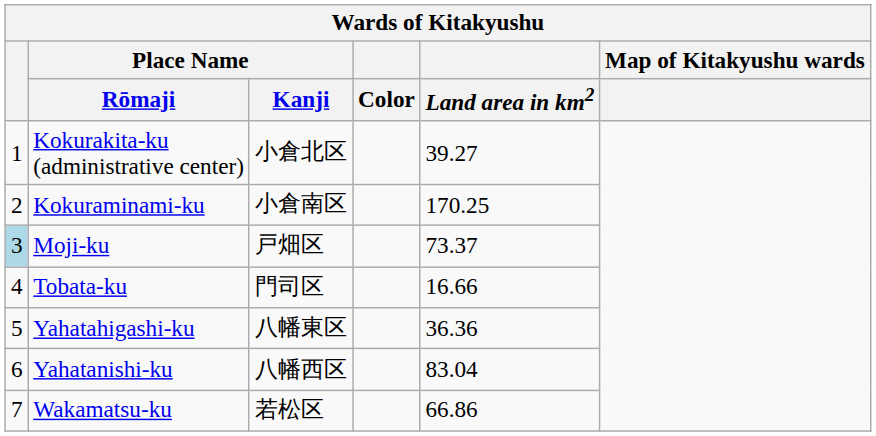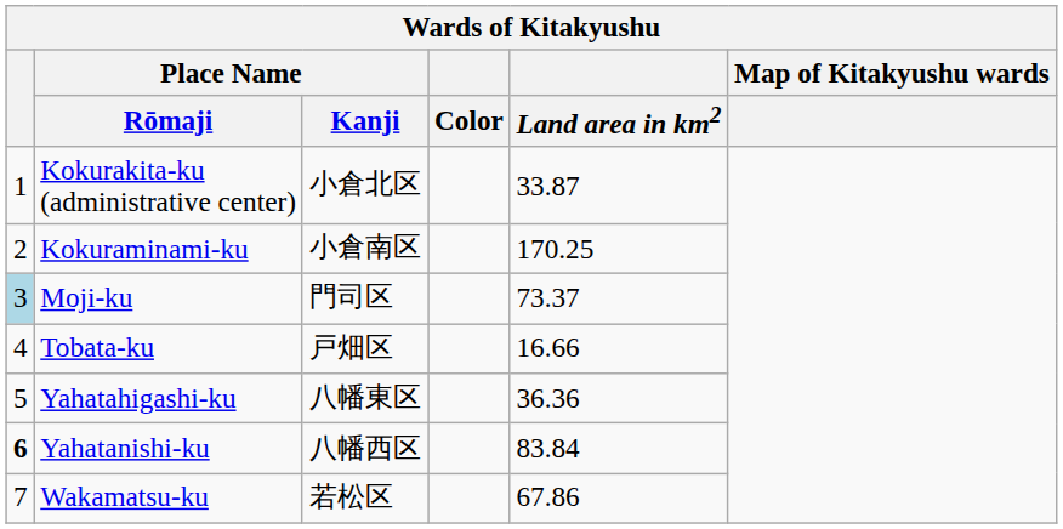 <table class="wikitable" style="margin-left: auto; margin-right: auto;">
 <tr>
 <th colspan="6">Wards of Kitakyushu</th>
 </tr>
 <tr>
 <th rowspan="2"></th>
 <th colspan="2">Place Name</th>
 <th></th>
 <th></th>
 <th>Map of Kitakyushu wards</th>
 </tr>
 <tr>
 <th><a href='#'>Rōmaji</a></th>
 <th><a href='#'>Kanji</a></th>
 <th>Color</th>
 <th><em>Land area in km<sup>2</sup></em></th>
 <th></th>
 </tr>
 <tr>
 <td style="text-align: center;" "width: 20px;">1</td>
 <td><a href='#'>Kokurakita-ku</a><br>(administrative center)</td>
 <td>小倉北区</td>
 <td></td>
-<td>39.27</td>
+<td>33.87</td>
 <td rowspan="7"><div><br> </div></td>
 </tr>
 <tr>
 <td style="text-align: center;">2</td>
 <td><a href='#'>Kokuraminami-ku</a></td>
 <td>小倉南区</td>
 <td></td>
 <td>170.25</td>
 </tr>
 <tr>
 <td style="background: lightblue; text-align: center;">3</td>
 <td><a href='#'>Moji-ku</a></td>
-<td>戸畑区</td>
+<td>門司区</td>
 <td></td>
 <td>73.37</td>
 </tr>
 <tr>
 <td style="text-align: center;">4</td>
 <td><a href='#'>Tobata-ku</a></td>
-<td>門司区</td>
+<td>戸畑区</td>
 <td></td>
 <td>16.66</td>
 </tr>
 <tr>
 <td style="text-align: center;">5</td>
 <td><a href='#'>Yahatahigashi-ku</a></td>
 <td>八幡東区</td>
 <td></td>
 <td>36.36</td>
 </tr>
 <tr>
-<td style="text-align: center;">6</td>
+<td style="text-align: center;"><strong>6</strong></td>
 <td><a href='#'>Yahatanishi-ku</a></td>
 <td>八幡西区</td>
 <td></td>
-<td>83.04</td>
+<td>83.84</td>
 </tr>
 <tr>
 <td style="text-align: center;">7</td>
 <td><a href='#'>Wakamatsu-ku</a></td>
 <td>若松区</td>
 <td></td>
-<td>66.86</td>
+<td>67.86</td>
 </tr>
 </table>
